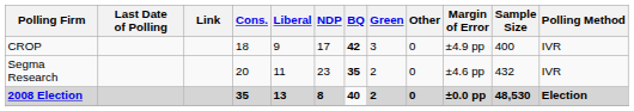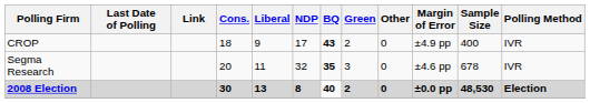 <table class="wikitable sortable">
 <tr style="background:#e9e9e9;">
 <th style="width:120px">Polling Firm</th>
 <th style="width:110px">Last Date<br>of Polling</th>
 <th style="width:60px" class="unsortable">Link</th>
 <th style="background-color:"><strong><a href='#'>Cons.</a></strong></th>
 <th style="background-color:"><strong><a href='#'>Liberal</a></strong></th>
 <th style="background-color:"><strong><a href='#'>NDP</a></strong></th>
 <th style="background-color:"><strong><a href='#'>BQ</a></strong></th>
 <th style="background-color:"><strong><a href='#'>Green</a></strong></th>
 <th style="background-color:"><strong>Other</strong></th>
 <th style="width:60px;" class=unsortable>Margin<br>of Error</th>
 <th style="width:50px;" class=unsortable>Sample<br>Size</th>
 <th class=unsortable>Polling Method</th>
 </tr>
 <tr>
 <td>CROP</td>
 <td></td>
 <td></td>
 <td>18</td>
 <td>9</td>
 <td>17</td>
-<td><strong>42</strong></td>
-<td>3</td>
+<td><strong>43</strong></td>
+<td>2</td>
 <td>0</td>
 <td>±4.9 pp</td>
 <td>400</td>
 <td>IVR</td>
 </tr>
 <tr>
 <td>Segma Research</td>
 <td></td>
 <td></td>
 <td>20</td>
 <td>11</td>
-<td>23</td>
+<td>32</td>
 <td><strong>35</strong></td>
-<td>2</td>
+<td>3</td>
 <td>0</td>
 <td>±4.6 pp</td>
-<td>432</td>
+<td>678</td>
 <td>IVR</td>
 </tr>
 <tr>
 <td style="background:#D5D5D5"><strong><a href='#'>2008 Election</a></strong></td>
 <td style="background:#D5D5D5"><strong></strong></td>
 <td style="background:#D5D5D5"></td>
-<td style="background:#D5D5D5"><strong>35</strong></td>
+<td style="background:#D5D5D5"><strong>30</strong></td>
 <td style="background:#D5D5D5"><strong>13</strong></td>
 <td style="background:#D5D5D5"><strong>8</strong></td>
 <td><strong>40</strong></td>
 <td style="background:#D5D5D5"><strong>2</strong></td>
 <td style="background:#D5D5D5"><strong>0</strong></td>
 <td style="background:#D5D5D5"><strong>±0.0 pp</strong></td>
 <td style="background:#D5D5D5"><strong>48,530</strong></td>
 <td style="background:#D5D5D5"><strong>Election</strong></td>
 </tr>
 <tr>
 </tr>
 <tr>
 </tr>
 </table>
